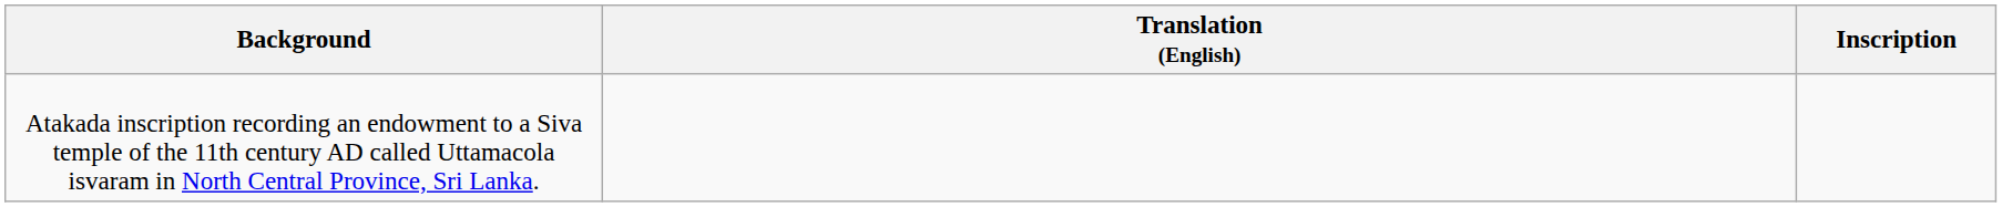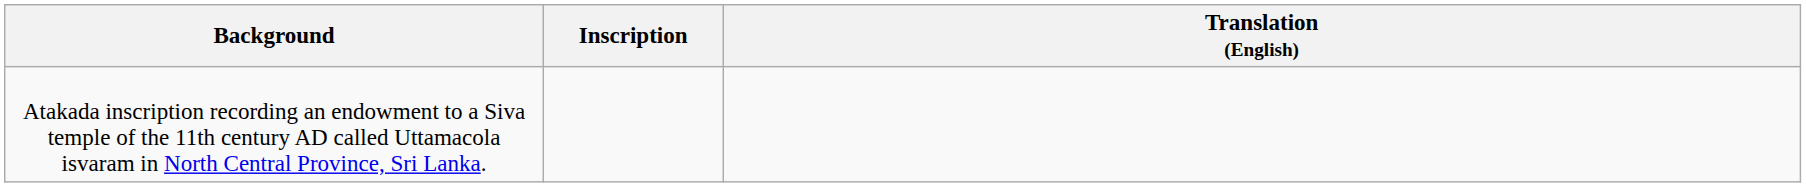 <table class="wikitable centre">
 <tr>
 <th scope="col" align=left>Background<br></th>
+<th>Inscription<br></th>
 <th>Translation<br><small>(English)</small></th>
-<th>Inscription<br></th>
 </tr>
 <tr>
 <td align=center width="30%"><br>Atakada inscription recording an endowment to a Siva temple of the 11th century AD called Uttamacola isvaram in <a href='#'>North Central Province, Sri Lanka</a>.</td>
+<td align=center width="10%"><br></td>
 <td align=left><br></td>
-<td align=center width="10%"><br></td>
 </tr>
 </table>
